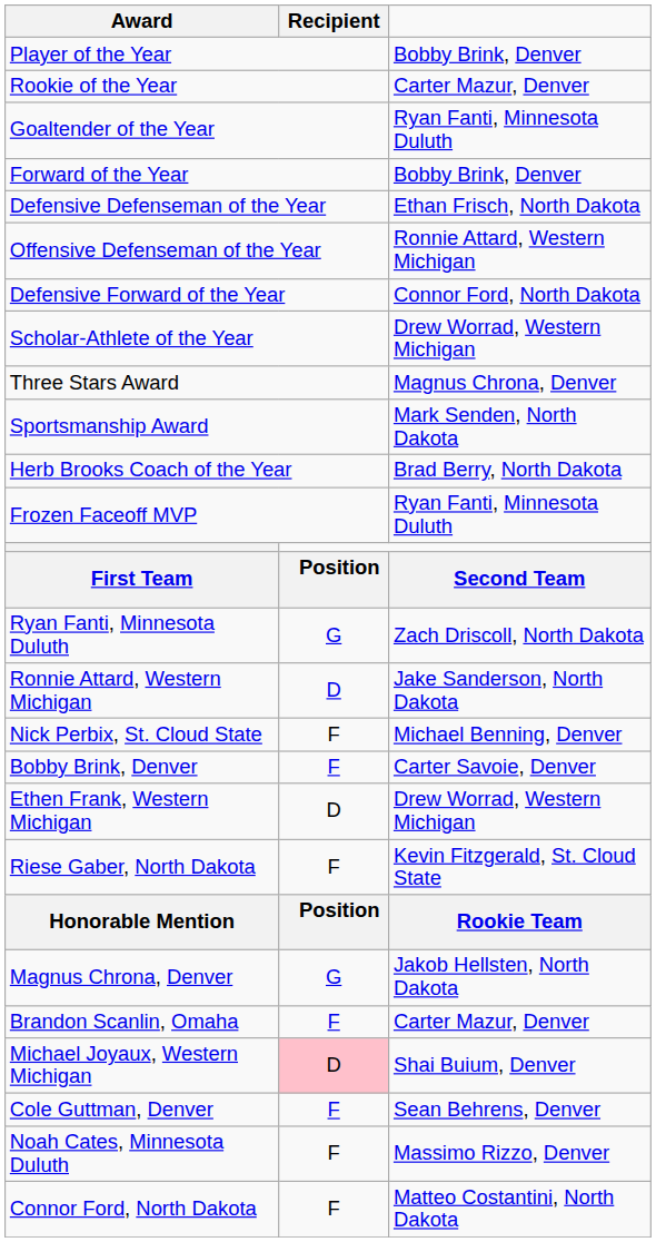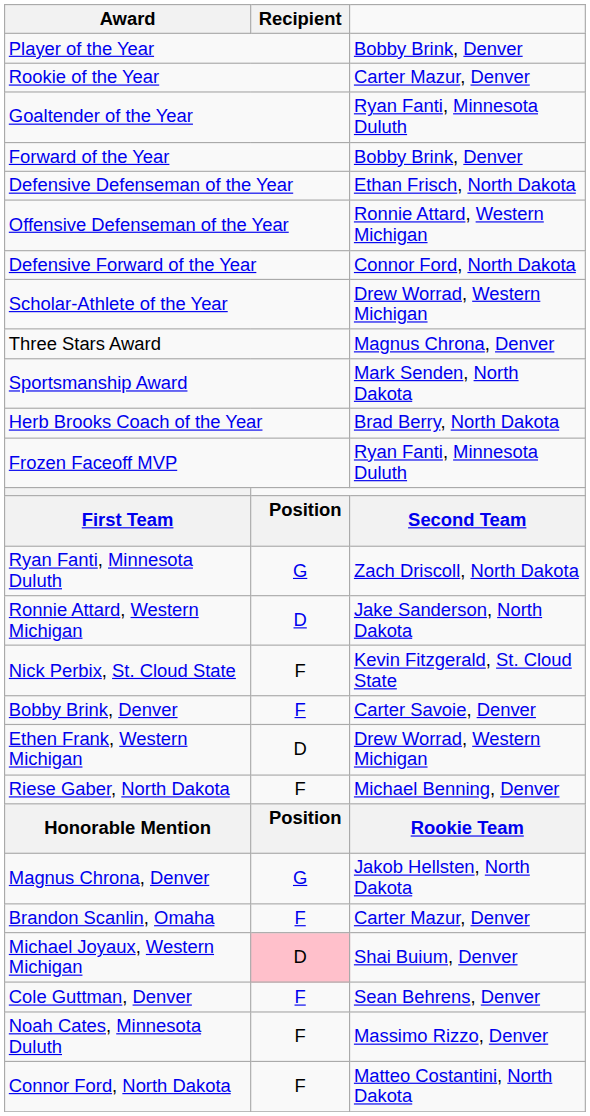 <table class="wikitable" width=40%>
 <tr>
 <th>Award</th>
 <th>Recipient </th>
 </tr>
 <tr>
 <td colspan=2><a href='#'>Player of the Year</a></td>
 <td><a href='#'>Bobby Brink</a>, <a href='#'>Denver</a></td>
 </tr>
 <tr>
 <td colspan=2><a href='#'>Rookie of the Year</a></td>
 <td><a href='#'>Carter Mazur</a>, <a href='#'>Denver</a></td>
 </tr>
 <tr>
 <td colspan=2><a href='#'>Goaltender of the Year</a></td>
 <td><a href='#'>Ryan Fanti</a>, <a href='#'>Minnesota Duluth</a></td>
 </tr>
 <tr>
 <td colspan=2><a href='#'>Forward of the Year</a></td>
 <td><a href='#'>Bobby Brink</a>, <a href='#'>Denver</a></td>
 </tr>
 <tr>
 <td colspan=2><a href='#'>Defensive Defenseman of the Year</a></td>
 <td><a href='#'>Ethan Frisch</a>, <a href='#'>North Dakota</a></td>
 </tr>
 <tr>
 <td colspan=2><a href='#'>Offensive Defenseman of the Year</a></td>
 <td><a href='#'>Ronnie Attard</a>, <a href='#'>Western Michigan</a></td>
 </tr>
 <tr>
 <td colspan=2><a href='#'>Defensive Forward of the Year</a></td>
 <td><a href='#'>Connor Ford</a>, <a href='#'>North Dakota</a></td>
 </tr>
 <tr>
 <td colspan=2><a href='#'>Scholar-Athlete of the Year</a></td>
 <td><a href='#'>Drew Worrad</a>, <a href='#'>Western Michigan</a></td>
 </tr>
 <tr>
 <td colspan=2>Three Stars Award</td>
 <td><a href='#'>Magnus Chrona</a>, <a href='#'>Denver</a></td>
 </tr>
 <tr>
 <td colspan=2><a href='#'>Sportsmanship Award</a></td>
 <td><a href='#'>Mark Senden</a>, <a href='#'>North Dakota</a></td>
 </tr>
 <tr>
 <td colspan=2><a href='#'>Herb Brooks Coach of the Year</a></td>
 <td><a href='#'>Brad Berry</a>, <a href='#'>North Dakota</a></td>
 </tr>
 <tr>
 <td colspan=2><a href='#'>Frozen Faceoff MVP</a></td>
 <td><a href='#'>Ryan Fanti</a>, <a href='#'>Minnesota Duluth</a></td>
 </tr>
 <tr>
 <th><a href='#'></a></th>
 </tr>
 <tr>
 <th><a href='#'>First Team</a></th>
 <th>  Position  </th>
 <th><a href='#'>Second Team</a></th>
 </tr>
 <tr>
 <td><a href='#'>Ryan Fanti</a>, <a href='#'>Minnesota Duluth</a></td>
 <td align=center><a href='#'>G</a></td>
 <td><a href='#'>Zach Driscoll</a>, <a href='#'>North Dakota</a></td>
 </tr>
 <tr>
 <td><a href='#'>Ronnie Attard</a>, <a href='#'>Western Michigan</a></td>
 <td align=center><a href='#'>D</a></td>
 <td><a href='#'>Jake Sanderson</a>, <a href='#'>North Dakota</a></td>
 </tr>
 <tr>
 <td><a href='#'>Nick Perbix</a>, <a href='#'>St. Cloud State</a></td>
 <td align=center>F</td>
-<td><a href='#'>Michael Benning</a>, <a href='#'>Denver</a></td>
+<td><a href='#'>Kevin Fitzgerald</a>, <a href='#'>St. Cloud State</a></td>
 </tr>
 <tr>
 <td><a href='#'>Bobby Brink</a>, <a href='#'>Denver</a></td>
 <td align=center><a href='#'>F</a></td>
 <td><a href='#'>Carter Savoie</a>, <a href='#'>Denver</a></td>
 </tr>
 <tr>
 <td><a href='#'>Ethen Frank</a>, <a href='#'>Western Michigan</a></td>
 <td align=center>D</td>
 <td><a href='#'>Drew Worrad</a>, <a href='#'>Western Michigan</a></td>
 </tr>
 <tr>
 <td><a href='#'>Riese Gaber</a>, <a href='#'>North Dakota</a></td>
 <td align=center>F</td>
-<td><a href='#'>Kevin Fitzgerald</a>, <a href='#'>St. Cloud State</a></td>
+<td><a href='#'>Michael Benning</a>, <a href='#'>Denver</a></td>
 </tr>
 <tr>
 <th>Honorable Mention</th>
 <th>  Position  </th>
 <th><a href='#'>Rookie Team</a></th>
 </tr>
 <tr>
 <td><a href='#'>Magnus Chrona</a>, <a href='#'>Denver</a></td>
 <td align=center><a href='#'>G</a></td>
 <td><a href='#'>Jakob Hellsten</a>, <a href='#'>North Dakota</a></td>
 </tr>
 <tr>
 <td><a href='#'>Brandon Scanlin</a>, <a href='#'>Omaha</a></td>
 <td align=center><a href='#'>F</a></td>
 <td><a href='#'>Carter Mazur</a>, <a href='#'>Denver</a></td>
 </tr>
 <tr>
 <td><a href='#'>Michael Joyaux</a>, <a href='#'>Western Michigan</a></td>
 <td align=center style="background: pink;">D</td>
 <td><a href='#'>Shai Buium</a>, <a href='#'>Denver</a></td>
 </tr>
 <tr>
 <td><a href='#'>Cole Guttman</a>, <a href='#'>Denver</a></td>
 <td align=center><a href='#'>F</a></td>
 <td><a href='#'>Sean Behrens</a>, <a href='#'>Denver</a></td>
 </tr>
 <tr>
 <td><a href='#'>Noah Cates</a>, <a href='#'>Minnesota Duluth</a></td>
 <td align=center>F</td>
 <td><a href='#'>Massimo Rizzo</a>, <a href='#'>Denver</a></td>
 </tr>
 <tr>
 <td><a href='#'>Connor Ford</a>, <a href='#'>North Dakota</a></td>
 <td align=center>F</td>
 <td><a href='#'>Matteo Costantini</a>, <a href='#'>North Dakota</a></td>
 </tr>
 <tr>
 </tr>
 </table>
